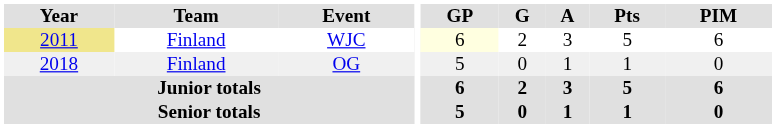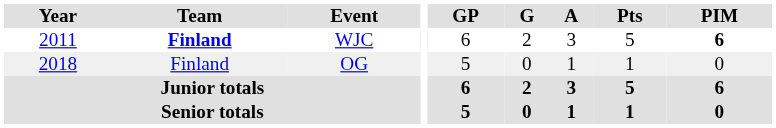 <table border="0" cellpadding="1" cellspacing="0" ID="Table3" style="text-align:center; width:40em">
 <tr ALIGN="center" bgcolor="#e0e0e0">
 <th>Year</th>
 <th>Team</th>
 <th>Event</th>
 <th rowspan="99" bgcolor="#ffffff"></th>
 <th>GP</th>
 <th>G</th>
 <th>A</th>
 <th>Pts</th>
 <th>PIM</th>
 </tr>
 <tr>
-<td style="background: khaki;"><a href='#'>2011</a></td>
-<td><a href='#'>Finland</a></td>
+<td><a href='#'>2011</a></td>
+<td><strong><a href='#'>Finland</a></strong></td>
 <td><a href='#'>WJC</a></td>
-<td style="background: lightyellow;">6</td>
+<td>6</td>
 <td>2</td>
 <td>3</td>
 <td>5</td>
-<td>6</td>
+<td><strong>6</strong></td>
 </tr>
 <tr bgcolor="#f0f0f0">
 <td><a href='#'>2018</a></td>
 <td><a href='#'>Finland</a></td>
 <td><a href='#'>OG</a></td>
 <td>5</td>
 <td>0</td>
 <td>1</td>
 <td>1</td>
 <td>0</td>
 </tr>
 <tr bgcolor="#e0e0e0">
 <th colspan="3">Junior totals</th>
 <th>6</th>
 <th>2</th>
 <th>3</th>
 <th>5</th>
 <th>6</th>
 </tr>
 <tr bgcolor="#e0e0e0">
 <th colspan="3">Senior totals</th>
 <th>5</th>
 <th>0</th>
 <th>1</th>
 <th>1</th>
 <th>0</th>
 </tr>
 </table>
